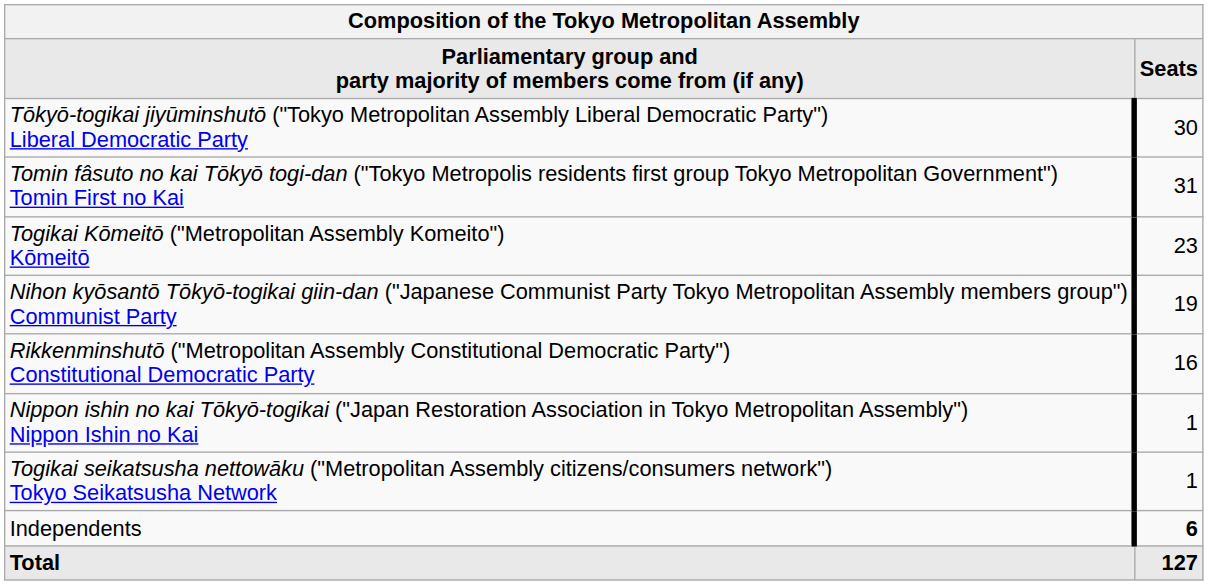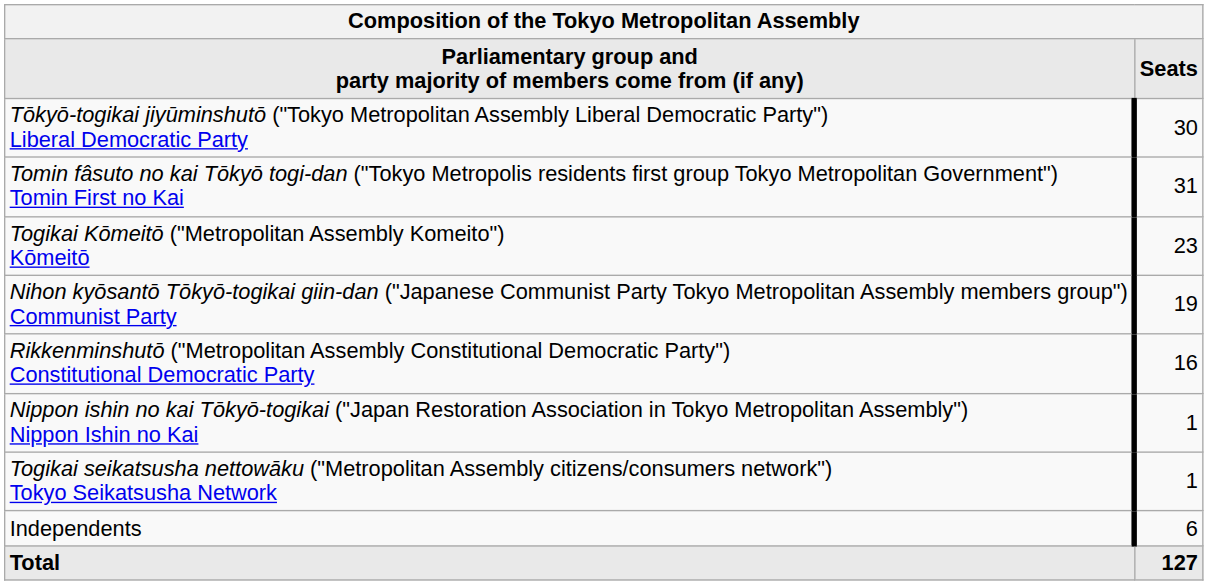 <table class="wikitable">
 <tr>
 <th colspan="2">Composition of the Tokyo Metropolitan Assembly </th>
 </tr>
 <tr>
 <th style="background-color:#E9E9E9" align=left>Parliamentary group and<br>party majority of members come from (if any)</th>
 <th style="background-color:#E9E9E9" align=right>Seats</th>
 </tr>
 <tr>
 <td style="border-right:4px solid "><em>Tōkyō-togikai jiyūminshutō</em> ("Tokyo Metropolitan Assembly Liberal Democratic Party")<br><a href='#'>Liberal Democratic Party</a></td>
 <td align="right">30</td>
 </tr>
 <tr>
 <td style="border-right:4px solid "><em>Tomin fâsuto no kai Tōkyō togi-dan</em> ("Tokyo Metropolis residents first group Tokyo Metropolitan Government")<br><a href='#'>Tomin First no Kai</a></td>
 <td align="right">31</td>
 </tr>
 <tr>
 <td style="border-right:4px solid "><em>Togikai Kōmeitō</em> ("Metropolitan Assembly Komeito")<br><a href='#'>Kōmeitō</a></td>
 <td align="right">23</td>
 </tr>
 <tr>
 <td style="border-right:4px solid "><em>Nihon kyōsantō Tōkyō-togikai giin-dan</em> ("Japanese Communist Party Tokyo Metropolitan Assembly members group")<br><a href='#'>Communist Party</a></td>
 <td align="right">19</td>
 </tr>
 <tr>
 <td style="border-right:4px solid "><em>Rikkenminshutō</em> ("Metropolitan Assembly Constitutional Democratic Party")<br><a href='#'>Constitutional Democratic Party</a></td>
 <td align="right">16</td>
 </tr>
 <tr>
 <td style="border-right:4px solid "><em>Nippon ishin no kai Tōkyō-togikai</em> ("Japan Restoration Association in Tokyo Metropolitan Assembly")<br><a href='#'>Nippon Ishin no Kai</a></td>
 <td align="right">1</td>
 </tr>
 <tr>
 <td style="border-right:4px solid "><em>Togikai seikatsusha nettowāku</em> ("Metropolitan Assembly citizens/consumers network")<br> <a href='#'>Tokyo Seikatsusha Network</a></td>
 <td align="right">1</td>
 </tr>
 <tr>
 <td style="border-right:4px solid ">Independents</td>
-<td align="right"><strong>6</strong></td>
+<td align="right">6</td>
 </tr>
 <tr>
 <td align=left style="background-color:#E9E9E9" align=left><strong>Total</strong></td>
 <td style="background-color:#E9E9E9" align=right><strong>127</strong></td>
 </tr>
 </table>
